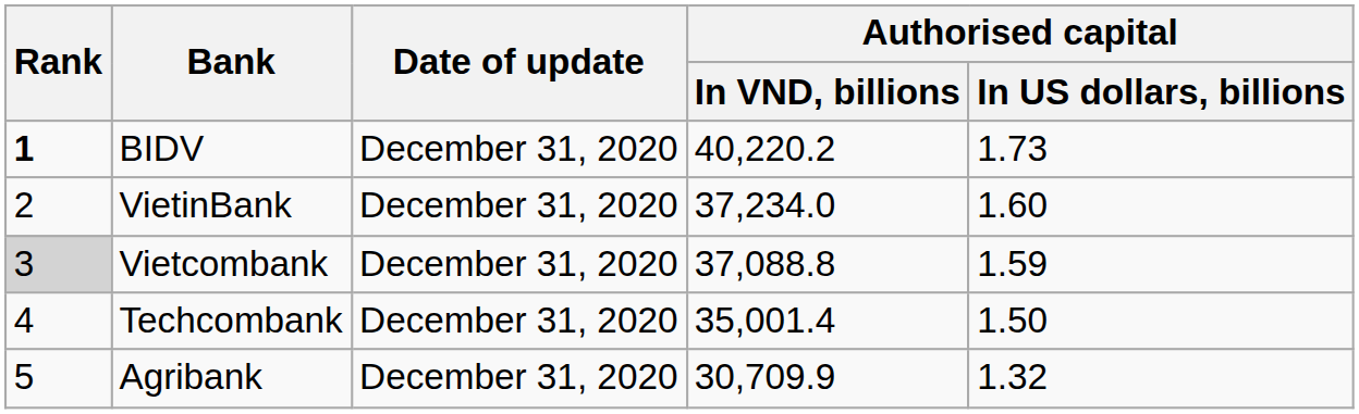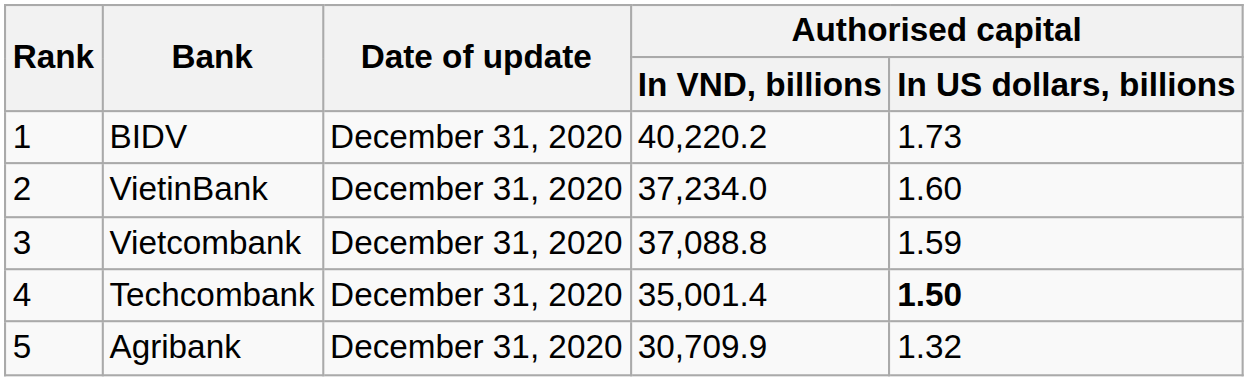 <table class="wikitable">
 <tr>
 <th rowspan="2">Rank</th>
 <th rowspan="2">Bank</th>
 <th rowspan="2">Date of update</th>
 <th colspan="2">Authorised capital</th>
 </tr>
 <tr>
 <th>In VND, billions</th>
 <th>In US dollars, billions</th>
 </tr>
 <tr>
-<td><strong>1</strong></td>
+<td>1</td>
 <td>BIDV</td>
 <td>December 31, 2020</td>
 <td>40,220.2</td>
 <td>1.73</td>
 </tr>
 <tr>
 <td>2</td>
 <td>VietinBank</td>
 <td>December 31, 2020</td>
 <td>37,234.0</td>
 <td>1.60</td>
 </tr>
 <tr>
-<td style="background: lightgrey;">3</td>
+<td>3</td>
 <td>Vietcombank</td>
 <td>December 31, 2020</td>
 <td>37,088.8</td>
 <td>1.59</td>
 </tr>
 <tr>
 <td>4</td>
 <td>Techcombank</td>
 <td>December 31, 2020</td>
 <td>35,001.4</td>
-<td>1.50</td>
+<td><strong>1.50</strong></td>
 </tr>
 <tr>
 <td>5</td>
 <td>Agribank</td>
 <td>December 31, 2020</td>
 <td>30,709.9</td>
 <td>1.32</td>
 </tr>
 </table>
